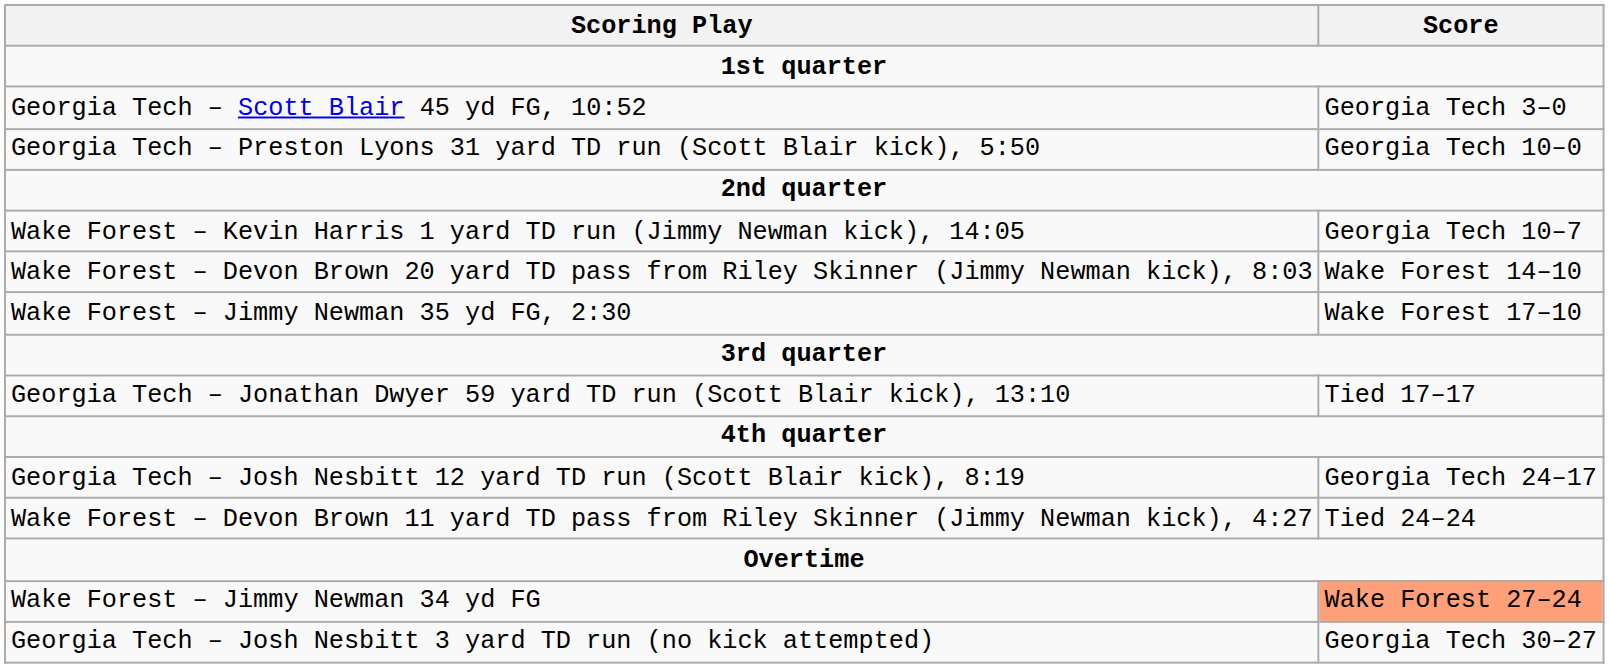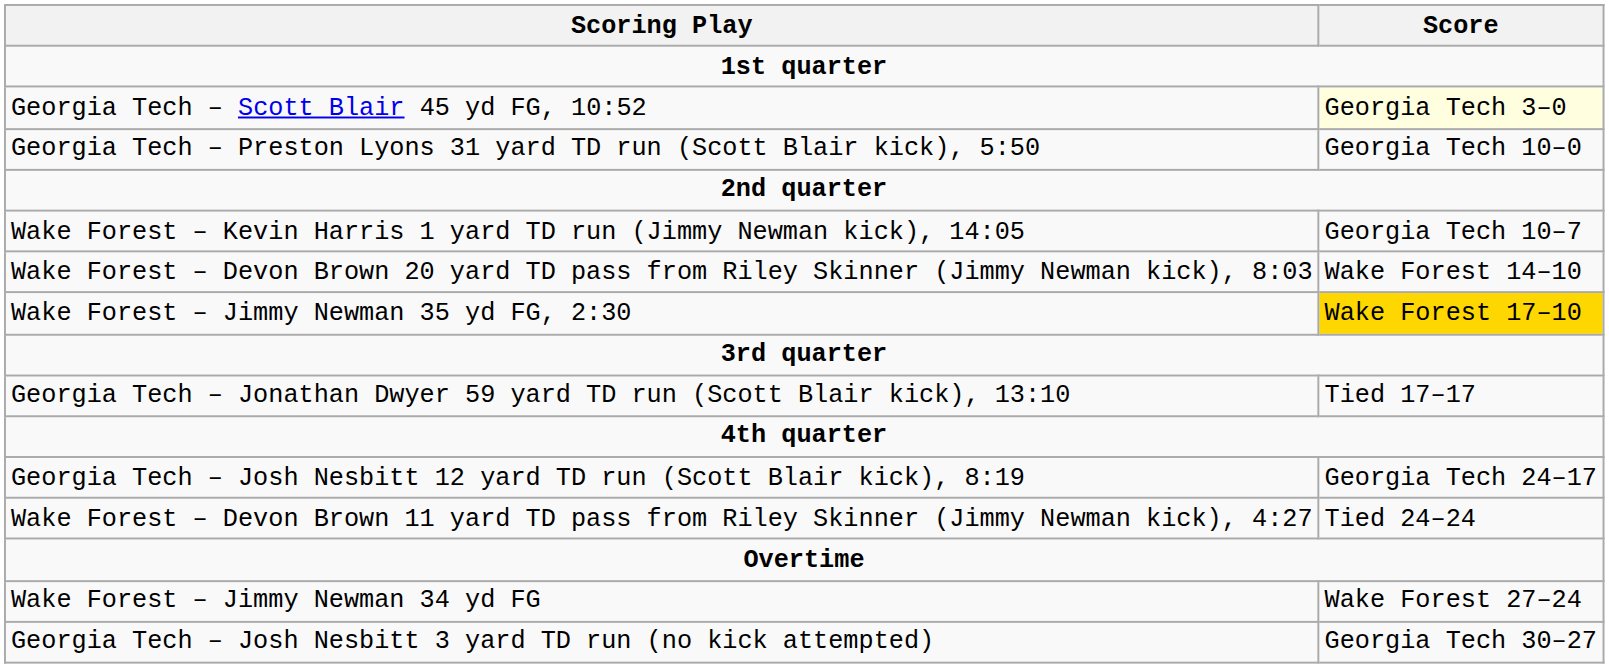 <table class="wikitable">
 <tr>
 <th>Scoring Play</th>
 <th>Score</th>
 </tr>
 <tr>
 <td colspan="4" align="center"><strong>1st quarter</strong></td>
 </tr>
 <tr>
 <td>Georgia Tech – <a href='#'>Scott Blair</a> 45 yd FG, 10:52</td>
-<td>Georgia Tech 3–0</td>
+<td style="background: lightyellow;">Georgia Tech 3–0</td>
 </tr>
 <tr>
 <td>Georgia Tech – Preston Lyons 31 yard TD run (Scott Blair kick), 5:50</td>
 <td>Georgia Tech 10–0</td>
 </tr>
 <tr>
 <td colspan="4" align="center"><strong>2nd quarter</strong></td>
 </tr>
 <tr>
 <td>Wake Forest – Kevin Harris 1 yard TD run (Jimmy Newman kick), 14:05</td>
 <td>Georgia Tech 10–7</td>
 </tr>
 <tr>
 <td>Wake Forest – Devon Brown 20 yard TD pass from Riley Skinner (Jimmy Newman kick), 8:03</td>
 <td>Wake Forest 14–10</td>
 </tr>
 <tr>
 <td>Wake Forest – Jimmy Newman 35 yd FG, 2:30</td>
-<td>Wake Forest 17–10</td>
+<td style="background: gold;">Wake Forest 17–10</td>
 </tr>
 <tr>
 <td colspan="6" align="center"><strong>3rd quarter</strong></td>
 </tr>
 <tr>
 <td>Georgia Tech – Jonathan Dwyer 59 yard TD run (Scott Blair kick), 13:10</td>
 <td>Tied 17–17</td>
 </tr>
 <tr>
 <td colspan="6" align="center"><strong>4th quarter</strong></td>
 </tr>
 <tr>
 <td>Georgia Tech – Josh Nesbitt 12 yard TD run (Scott Blair kick), 8:19</td>
 <td>Georgia Tech 24–17</td>
 </tr>
 <tr>
 <td>Wake Forest – Devon Brown 11 yard TD pass from Riley Skinner (Jimmy Newman kick), 4:27</td>
 <td>Tied 24–24</td>
 </tr>
 <tr>
 <td colspan="6" align="center"><strong>Overtime</strong></td>
 </tr>
 <tr>
 <td>Wake Forest – Jimmy Newman 34 yd FG</td>
-<td style="background: lightsalmon;">Wake Forest 27–24</td>
+<td>Wake Forest 27–24</td>
 </tr>
 <tr>
 <td>Georgia Tech – Josh Nesbitt 3 yard TD run (no kick attempted)</td>
 <td>Georgia Tech 30–27</td>
 </tr>
 </table>
